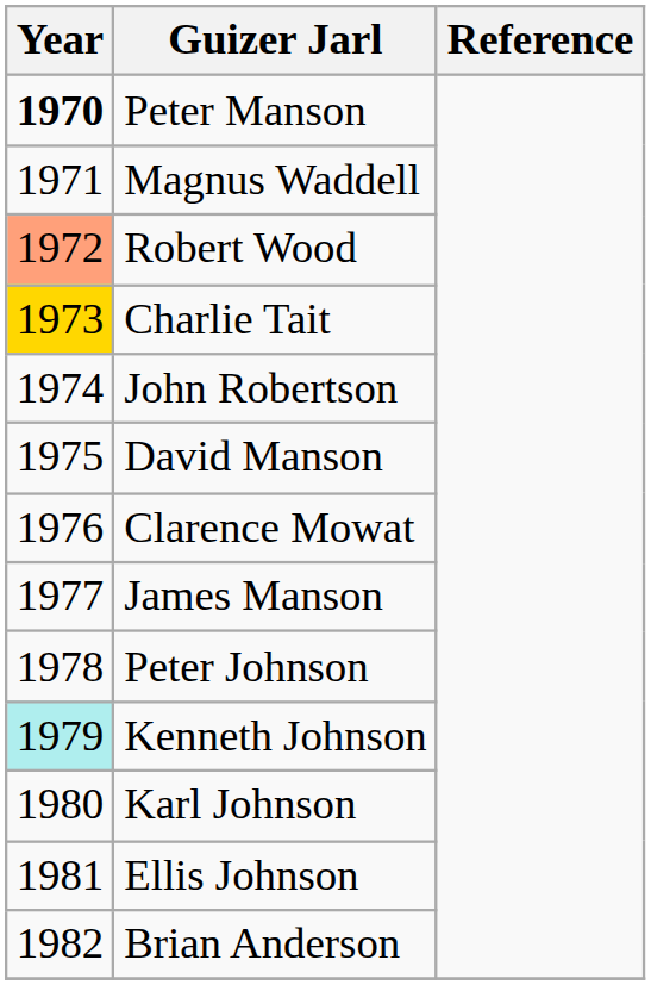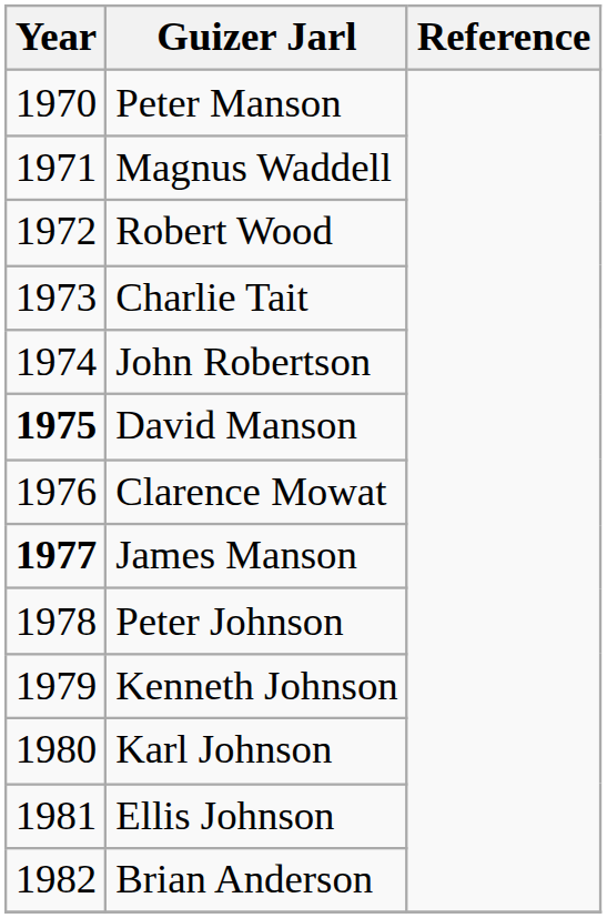 <table class="wikitable sortable">
 <tr>
 <th>Year</th>
 <th>Guizer Jarl</th>
 <th>Reference</th>
 </tr>
 <tr>
-<td><strong>1970</strong></td>
+<td>1970</td>
 <td>Peter Manson</td>
 <td rowspan="13"></td>
 </tr>
 <tr>
 <td>1971</td>
 <td>Magnus Waddell</td>
 </tr>
 <tr>
-<td style="background: lightsalmon;">1972</td>
+<td>1972</td>
 <td>Robert Wood</td>
 </tr>
 <tr>
-<td style="background: gold;">1973</td>
+<td>1973</td>
 <td>Charlie Tait</td>
 </tr>
 <tr>
 <td>1974</td>
 <td>John Robertson</td>
 </tr>
 <tr>
-<td>1975</td>
+<td><strong>1975</strong></td>
 <td>David Manson</td>
 </tr>
 <tr>
 <td>1976</td>
 <td>Clarence Mowat</td>
 </tr>
 <tr>
-<td>1977</td>
+<td><strong>1977</strong></td>
 <td>James Manson</td>
 </tr>
 <tr>
 <td>1978</td>
 <td>Peter Johnson</td>
 </tr>
 <tr>
-<td style="background: paleturquoise;">1979</td>
+<td>1979</td>
 <td>Kenneth Johnson</td>
 </tr>
 <tr>
 <td>1980</td>
 <td>Karl Johnson</td>
 </tr>
 <tr>
 <td>1981</td>
 <td>Ellis Johnson</td>
 </tr>
 <tr>
 <td>1982</td>
 <td>Brian Anderson</td>
 </tr>
 <tr>
 </tr>
 </table>
